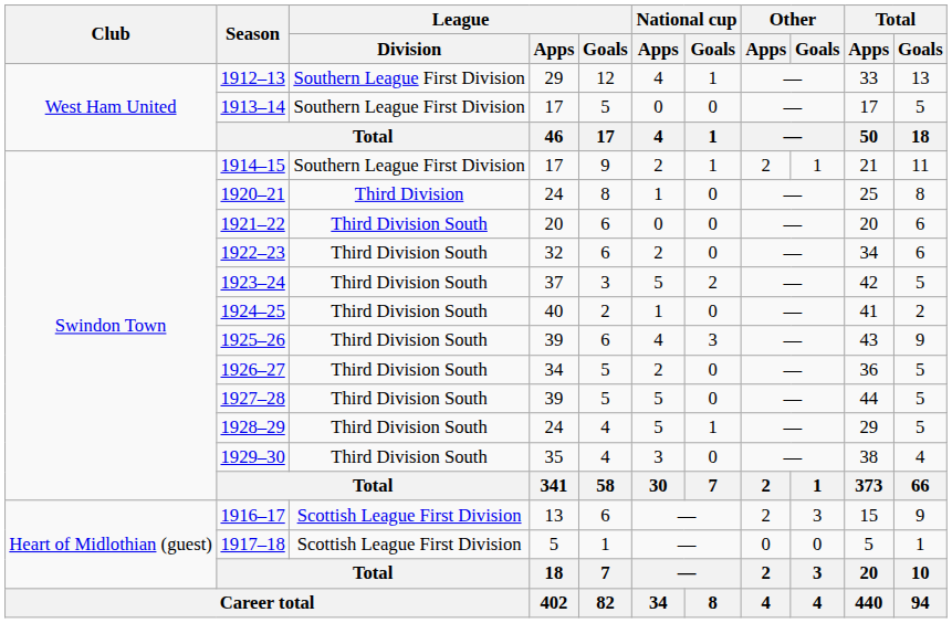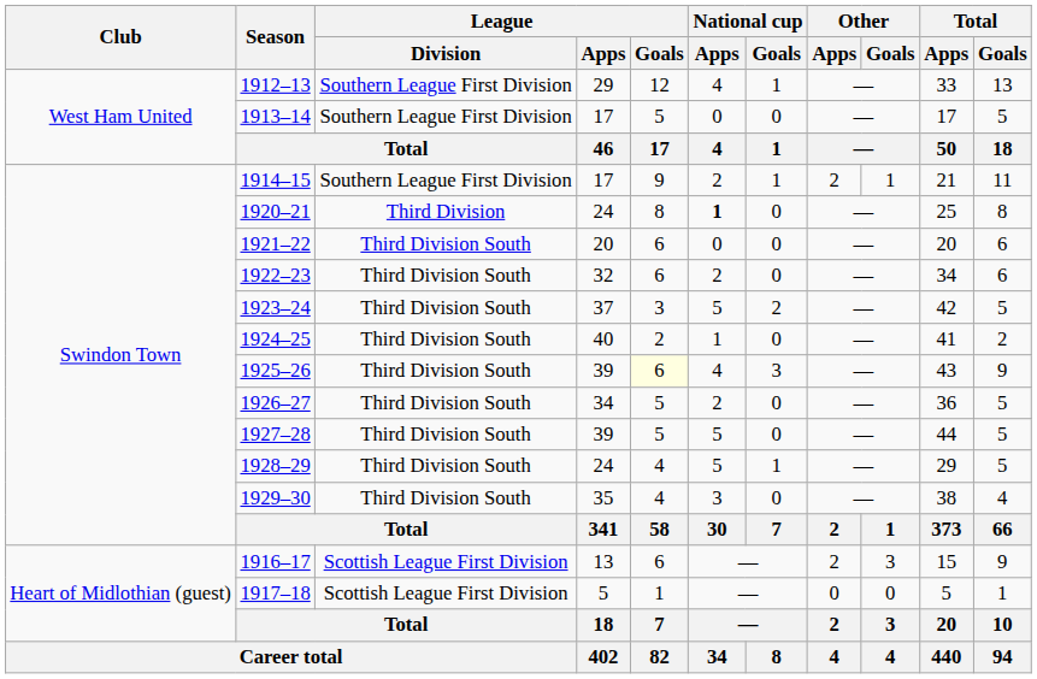 <table class="wikitable" style="text-align: center;">
 <tr>
 <th rowspan="2">Club</th>
 <th rowspan="2">Season</th>
 <th colspan="3">League</th>
 <th colspan="2">National cup</th>
 <th colspan="2">Other</th>
 <th colspan="2">Total</th>
 </tr>
 <tr>
 <th>Division</th>
 <th>Apps</th>
 <th>Goals</th>
 <th>Apps</th>
 <th>Goals</th>
 <th>Apps</th>
 <th>Goals</th>
 <th>Apps</th>
 <th>Goals</th>
 </tr>
 <tr>
 <td rowspan="3"><a href='#'>West Ham United</a></td>
 <td><a href='#'>1912–13</a></td>
 <td><a href='#'>Southern League</a> First Division</td>
 <td>29</td>
 <td>12</td>
 <td>4</td>
 <td>1</td>
 <td colspan="2">—</td>
 <td>33</td>
 <td>13</td>
 </tr>
 <tr>
 <td><a href='#'>1913–14</a></td>
 <td>Southern League First Division</td>
 <td>17</td>
 <td>5</td>
 <td>0</td>
 <td>0</td>
 <td colspan="2">—</td>
 <td>17</td>
 <td>5</td>
 </tr>
 <tr>
 <th colspan="2">Total</th>
 <th>46</th>
 <th>17</th>
 <th>4</th>
 <th>1</th>
 <th colspan="2">—</th>
 <th>50</th>
 <th>18</th>
 </tr>
 <tr>
 <td rowspan="12"><a href='#'>Swindon Town</a></td>
 <td><a href='#'>1914–15</a></td>
 <td>Southern League First Division</td>
 <td>17</td>
 <td>9</td>
 <td>2</td>
 <td>1</td>
 <td>2</td>
 <td>1</td>
 <td>21</td>
 <td>11</td>
 </tr>
 <tr>
 <td><a href='#'>1920–21</a></td>
 <td><a href='#'>Third Division</a></td>
 <td>24</td>
 <td>8</td>
-<td>1</td>
+<td><strong>1</strong></td>
 <td>0</td>
 <td colspan="2">—</td>
 <td>25</td>
 <td>8</td>
 </tr>
 <tr>
 <td><a href='#'>1921–22</a></td>
 <td><a href='#'>Third Division South</a></td>
 <td>20</td>
 <td>6</td>
 <td>0</td>
 <td>0</td>
 <td colspan="2">—</td>
 <td>20</td>
 <td>6</td>
 </tr>
 <tr>
 <td><a href='#'>1922–23</a></td>
 <td>Third Division South</td>
 <td>32</td>
 <td>6</td>
 <td>2</td>
 <td>0</td>
 <td colspan="2">—</td>
 <td>34</td>
 <td>6</td>
 </tr>
 <tr>
 <td><a href='#'>1923–24</a></td>
 <td>Third Division South</td>
 <td>37</td>
 <td>3</td>
 <td>5</td>
 <td>2</td>
 <td colspan="2">—</td>
 <td>42</td>
 <td>5</td>
 </tr>
 <tr>
 <td><a href='#'>1924–25</a></td>
 <td>Third Division South</td>
 <td>40</td>
 <td>2</td>
 <td>1</td>
 <td>0</td>
 <td colspan="2">—</td>
 <td>41</td>
 <td>2</td>
 </tr>
 <tr>
 <td><a href='#'>1925–26</a></td>
 <td>Third Division South</td>
 <td>39</td>
-<td>6</td>
+<td style="background: lightyellow;">6</td>
 <td>4</td>
 <td>3</td>
 <td colspan="2">—</td>
 <td>43</td>
 <td>9</td>
 </tr>
 <tr>
 <td><a href='#'>1926–27</a></td>
 <td>Third Division South</td>
 <td>34</td>
 <td>5</td>
 <td>2</td>
 <td>0</td>
 <td colspan="2">—</td>
 <td>36</td>
 <td>5</td>
 </tr>
 <tr>
 <td><a href='#'>1927–28</a></td>
 <td>Third Division South</td>
 <td>39</td>
 <td>5</td>
 <td>5</td>
 <td>0</td>
 <td colspan="2">—</td>
 <td>44</td>
 <td>5</td>
 </tr>
 <tr>
 <td><a href='#'>1928–29</a></td>
 <td>Third Division South</td>
 <td>24</td>
 <td>4</td>
 <td>5</td>
 <td>1</td>
 <td colspan="2">—</td>
 <td>29</td>
 <td>5</td>
 </tr>
 <tr>
 <td><a href='#'>1929–30</a></td>
 <td>Third Division South</td>
 <td>35</td>
 <td>4</td>
 <td>3</td>
 <td>0</td>
 <td colspan="2">—</td>
 <td>38</td>
 <td>4</td>
 </tr>
 <tr>
 <th colspan="2">Total</th>
 <th>341</th>
 <th>58</th>
 <th>30</th>
 <th>7</th>
 <th>2</th>
 <th>1</th>
 <th>373</th>
 <th>66</th>
 </tr>
 <tr>
 <td rowspan="3"><a href='#'>Heart of Midlothian</a> (guest)</td>
 <td><a href='#'>1916–17</a></td>
 <td><a href='#'>Scottish League First Division</a></td>
 <td>13</td>
 <td>6</td>
 <td colspan="2">—</td>
 <td>2</td>
 <td>3</td>
 <td>15</td>
 <td>9</td>
 </tr>
 <tr>
 <td><a href='#'>1917–18</a></td>
 <td>Scottish League First Division</td>
 <td>5</td>
 <td>1</td>
 <td colspan="2">—</td>
 <td>0</td>
 <td>0</td>
 <td>5</td>
 <td>1</td>
 </tr>
 <tr>
 <th colspan="2">Total</th>
 <th>18</th>
 <th>7</th>
 <th colspan="2">—</th>
 <th>2</th>
 <th>3</th>
 <th>20</th>
 <th>10</th>
 </tr>
 <tr>
 <th colspan="3">Career total</th>
 <th>402</th>
 <th>82</th>
 <th>34</th>
 <th>8</th>
 <th>4</th>
 <th>4</th>
 <th>440</th>
 <th>94</th>
 </tr>
 </table>
